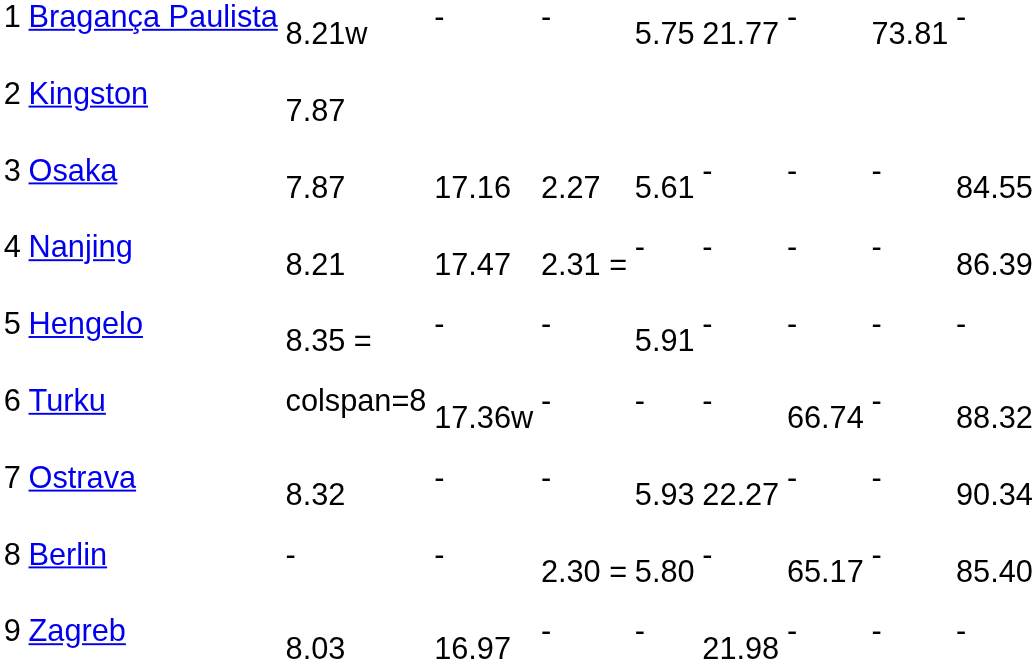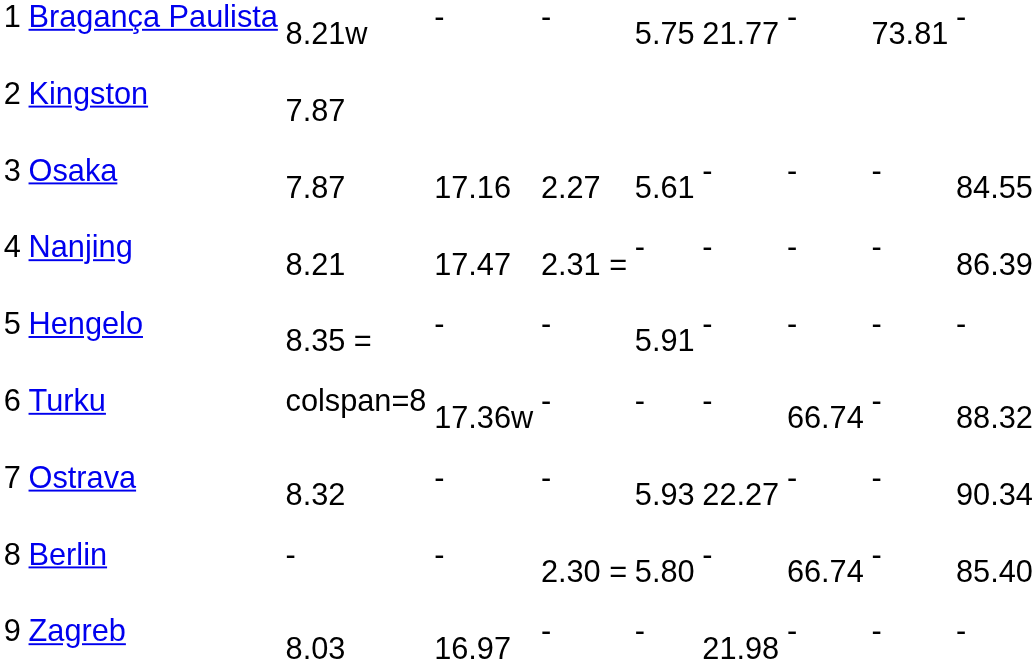 <table>
 <tr>
 <td>1</td>
 <td align=left><a href='#'>Bragança Paulista</a></td>
 <td><br>8.21w</td>
 <td>-</td>
 <td>-</td>
 <td><br>5.75 </td>
 <td><br>21.77 </td>
 <td>-</td>
 <td><br>73.81 </td>
 <td>-</td>
 </tr>
 <tr>
 <td>2</td>
 <td align=left><a href='#'>Kingston</a></td>
 <td><br>7.87</td>
 </tr>
 <tr>
 <td>3</td>
 <td align=left><a href='#'>Osaka</a></td>
 <td><br>7.87 </td>
 <td><br>17.16</td>
 <td><br>2.27 </td>
 <td><br>5.61</td>
 <td>-</td>
 <td>-</td>
 <td>-</td>
 <td><br>84.55 </td>
 </tr>
 <tr>
 <td>4</td>
 <td align=left><a href='#'>Nanjing</a></td>
 <td><br>8.21</td>
 <td><br>17.47 </td>
 <td><br>2.31 = </td>
 <td>-</td>
 <td>-</td>
 <td>-</td>
 <td>-</td>
 <td><br>86.39 </td>
 </tr>
 <tr>
 <td>5</td>
 <td align=left><a href='#'>Hengelo</a></td>
 <td><br>8.35 =</td>
 <td>-</td>
 <td>-</td>
 <td><br>5.91 </td>
 <td>-</td>
 <td>-</td>
 <td>-</td>
 <td>-</td>
 </tr>
 <tr>
 <td>6</td>
 <td align=left><a href='#'>Turku</a></td>
 <td>colspan=8 </td>
 <td><br>17.36w</td>
 <td>-</td>
 <td>-</td>
 <td>-</td>
 <td><br>66.74</td>
 <td>-</td>
 <td><br>88.32</td>
 </tr>
 <tr>
 <td>7</td>
 <td align=left><a href='#'>Ostrava</a></td>
 <td><br>8.32</td>
 <td>-</td>
 <td>-</td>
 <td><br>5.93 </td>
 <td><br>22.27 </td>
 <td>-</td>
 <td>-</td>
 <td><br>90.34   </td>
 </tr>
 <tr>
 <td>8</td>
 <td align=left><a href='#'>Berlin</a></td>
 <td>-</td>
 <td>-</td>
 <td><br>2.30 =</td>
 <td><br>5.80</td>
 <td>-</td>
-<td><br>65.17</td>
+<td><br>66.74</td>
 <td>-</td>
 <td><br>85.40</td>
 </tr>
 <tr>
 <td>9</td>
 <td align=left><a href='#'>Zagreb</a></td>
 <td><br>8.03</td>
 <td><br>16.97 </td>
 <td>-</td>
 <td>-</td>
 <td><br>21.98</td>
 <td>-</td>
 <td>-</td>
 <td>-</td>
 </tr>
 </table>
